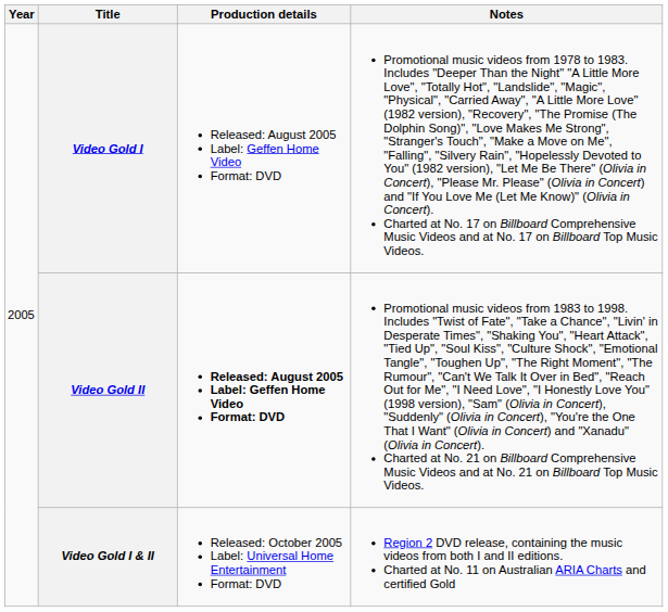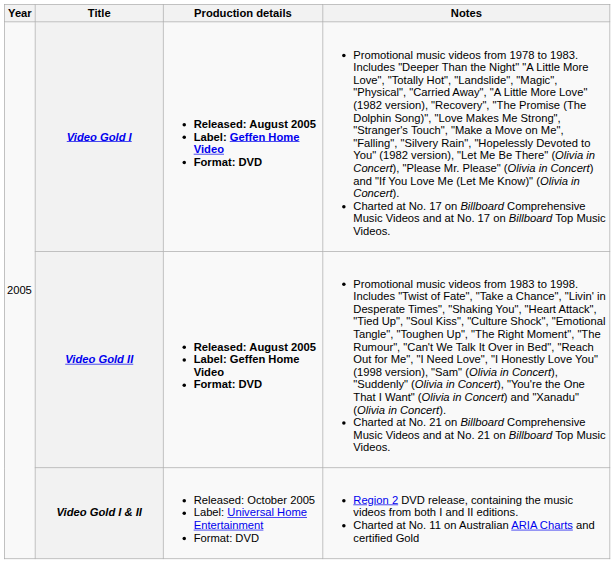 <table class="wikitable plainrowheaders" width=98%>
 <tr>
 <th scope="col" width=3%>Year</th>
 <th scope="col" width=20%>Title</th>
 <th scope="col" width=25%>Production details</th>
 <th scope="col" width=45%>Notes</th>
 </tr>
 <tr>
 <td rowspan="3">2005</td>
 <th scope="row"><em><a href='#'>Video Gold I</a></em></th>
-<td><br><ul><li>Released: August 2005</li><li>Label: <a href='#'>Geffen Home Video</a></li><li>Format: DVD</li></ul></td>
+<td><strong><br><ul><li>Released: August 2005</li><li>Label: <a href='#'>Geffen Home Video</a></li><li>Format: DVD</li></ul></strong></td>
 <td><br><ul><li>Promotional music videos from 1978 to 1983. Includes "Deeper Than the Night" "A Little More Love", "Totally Hot", "Landslide", "Magic", "Physical", "Carried Away", "A Little More Love" (1982 version), "Recovery", "The Promise (The Dolphin Song)", "Love Makes Me Strong", "Stranger's Touch", "Make a Move on Me", "Falling", "Silvery Rain", "Hopelessly Devoted to You" (1982 version), "Let Me Be There" (<em>Olivia in Concert</em>), "Please Mr. Please" (<em>Olivia in Concert</em>) and "If You Love Me (Let Me Know)" (<em>Olivia in Concert</em>).</li><li>Charted at No. 17 on <em>Billboard</em> Comprehensive Music Videos and at No. 17 on <em>Billboard</em> Top Music Videos.</li></ul></td>
 </tr>
 <tr>
 <th scope="row"><em><a href='#'>Video Gold II</a></em></th>
 <td><strong><br><ul><li>Released: August 2005</li><li>Label: Geffen Home Video</li><li>Format: DVD</li></ul></strong></td>
 <td><br><ul><li>Promotional music videos from 1983 to 1998. Includes "Twist of Fate", "Take a Chance", "Livin' in Desperate Times", "Shaking You", "Heart Attack", "Tied Up", "Soul Kiss", "Culture Shock", "Emotional Tangle", "Toughen Up", "The Right Moment", "The Rumour", "Can't We Talk It Over in Bed", "Reach Out for Me", "I Need Love", "I Honestly Love You" (1998 version), "Sam" (<em>Olivia in Concert</em>), "Suddenly" (<em>Olivia in Concert</em>), "You're the One That I Want" (<em>Olivia in Concert</em>) and "Xanadu" (<em>Olivia in Concert</em>).</li><li>Charted at No. 21 on <em>Billboard</em> Comprehensive Music Videos and at No. 21 on <em>Billboard</em> Top Music Videos.</li></ul></td>
 </tr>
 <tr>
 <th scope="row"><em>Video Gold I & II</em></th>
 <td><br><ul><li>Released: October 2005</li><li>Label: <a href='#'>Universal Home Entertainment</a></li><li>Format: DVD</li></ul></td>
 <td><br><ul><li><a href='#'>Region 2</a> DVD release, containing the music videos from both I and II editions.</li><li>Charted at No. 11 on Australian <a href='#'>ARIA Charts</a> and certified Gold </li></ul></td>
 </tr>
 </table>
